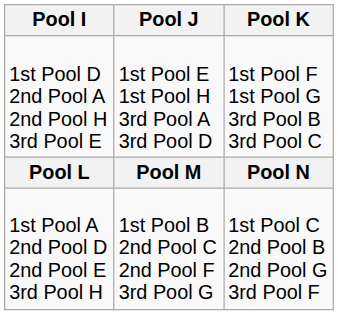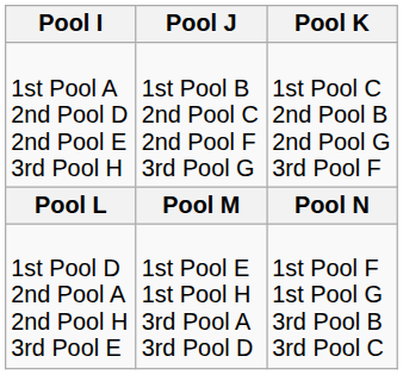 <table class="wikitable">
 <tr>
 <th width=33%>Pool I</th>
 <th width=33%>Pool J</th>
 <th width=33%>Pool K</th>
 </tr>
 <tr>
-<td><br>1st Pool D<br> 2nd Pool A<br> 2nd Pool H<br> 3rd Pool E</td>
-<td><br>1st Pool E<br> 1st Pool H<br> 3rd Pool A<br> 3rd Pool D</td>
-<td><br>1st Pool F<br> 1st Pool G<br> 3rd Pool B<br> 3rd Pool C</td>
+<td><br>1st Pool A<br> 2nd Pool D<br> 2nd Pool E<br> 3rd Pool H</td>
+<td><br>1st Pool B<br> 2nd Pool C<br> 2nd Pool F<br> 3rd Pool G</td>
+<td><br>1st Pool C<br> 2nd Pool B<br> 2nd Pool G<br> 3rd Pool F</td>
 </tr>
 <tr>
 <th width=33%>Pool L</th>
 <th width=33%>Pool M</th>
 <th width=33%>Pool N</th>
 </tr>
 <tr>
-<td><br>1st Pool A<br> 2nd Pool D<br> 2nd Pool E<br> 3rd Pool H</td>
-<td><br>1st Pool B<br> 2nd Pool C<br> 2nd Pool F<br> 3rd Pool G</td>
-<td><br>1st Pool C<br> 2nd Pool B<br> 2nd Pool G<br> 3rd Pool F</td>
+<td><br>1st Pool D<br> 2nd Pool A<br> 2nd Pool H<br> 3rd Pool E</td>
+<td><br>1st Pool E<br> 1st Pool H<br> 3rd Pool A<br> 3rd Pool D</td>
+<td><br>1st Pool F<br> 1st Pool G<br> 3rd Pool B<br> 3rd Pool C</td>
 </tr>
 </table>
